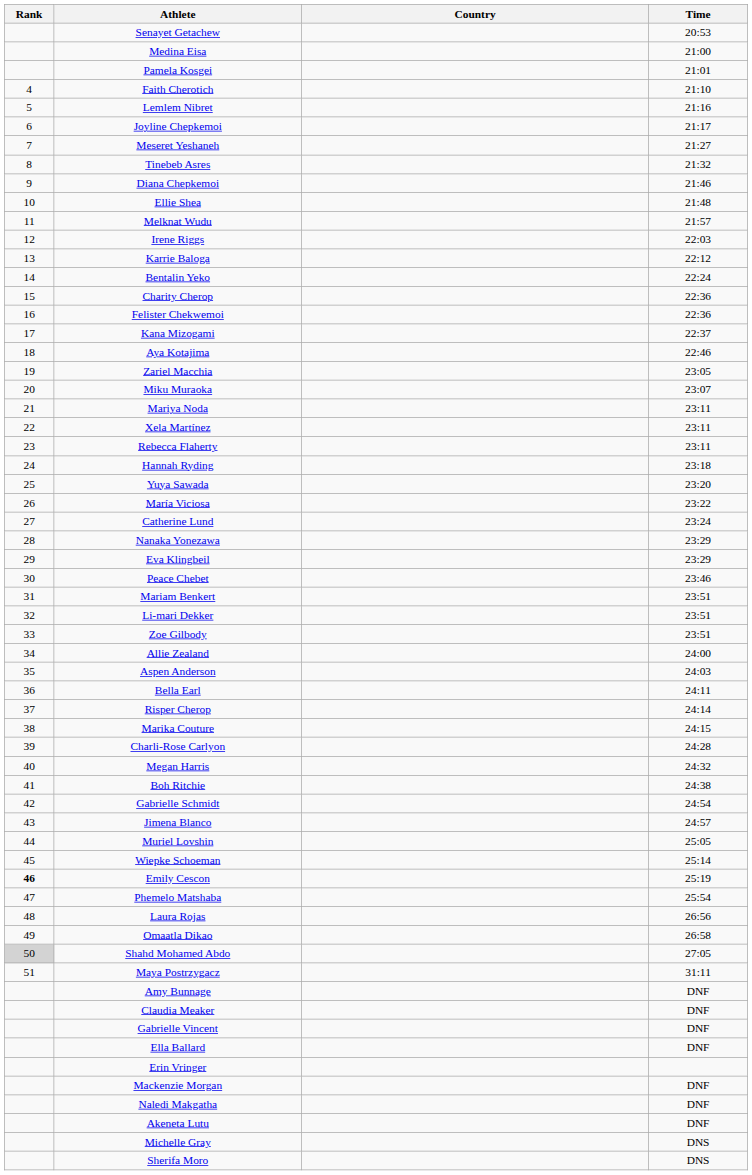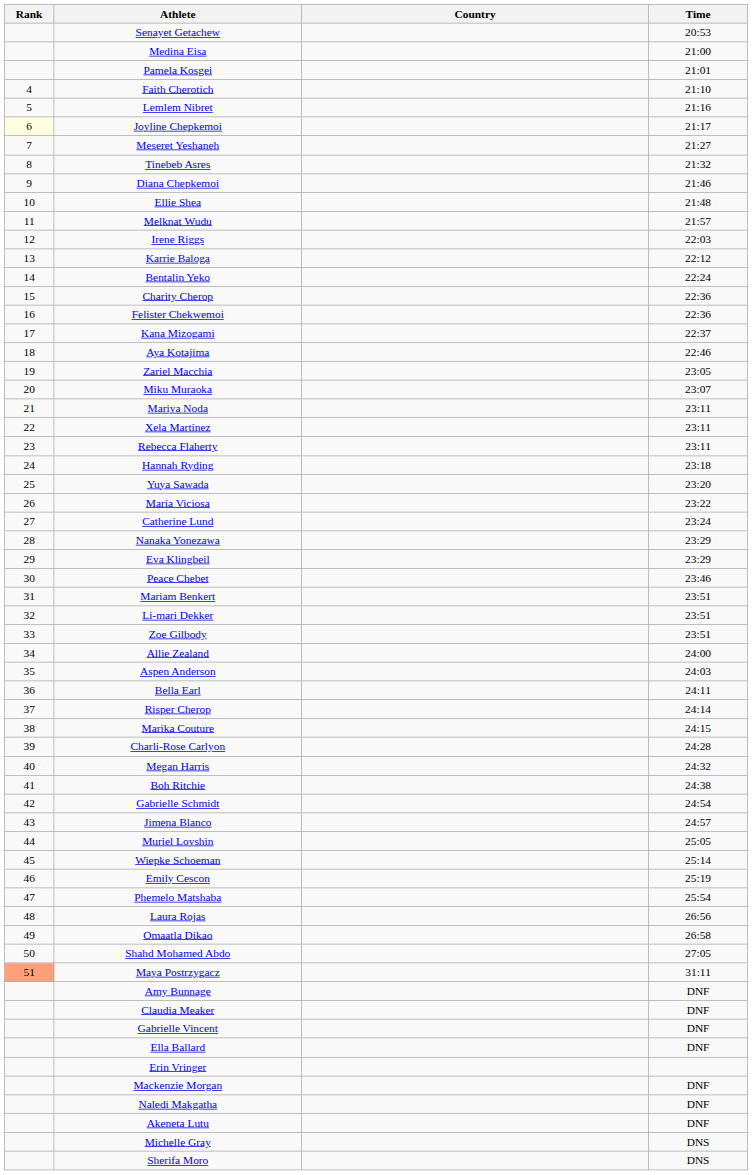 <table class="wikitable sortable" style=" text-align:center; font-size:95%;" width="50%">
 <tr>
 <th width="5%">Rank</th>
 <th width="25%">Athlete</th>
 <th width="35%">Country</th>
 <th width="10%">Time</th>
 </tr>
 <tr>
 <td align=center></td>
 <td><a href='#'>Senayet Getachew</a></td>
 <td></td>
 <td>20:53</td>
 </tr>
 <tr>
 <td align=center></td>
 <td><a href='#'>Medina Eisa</a></td>
 <td></td>
 <td>21:00</td>
 </tr>
 <tr>
 <td align=center></td>
 <td><a href='#'>Pamela Kosgei</a></td>
 <td></td>
 <td>21:01</td>
 </tr>
 <tr>
 <td>4</td>
 <td><a href='#'>Faith Cherotich</a></td>
 <td></td>
 <td>21:10</td>
 </tr>
 <tr>
 <td>5</td>
 <td><a href='#'>Lemlem Nibret</a></td>
 <td></td>
 <td>21:16</td>
 </tr>
 <tr>
-<td>6</td>
+<td style="background: lightyellow;">6</td>
 <td><a href='#'>Joyline Chepkemoi</a></td>
 <td></td>
 <td>21:17</td>
 </tr>
 <tr>
 <td>7</td>
 <td><a href='#'>Meseret Yeshaneh</a></td>
 <td></td>
 <td>21:27</td>
 </tr>
 <tr>
 <td>8</td>
 <td><a href='#'>Tinebeb Asres</a></td>
 <td></td>
 <td>21:32</td>
 </tr>
 <tr>
 <td>9</td>
 <td><a href='#'>Diana Chepkemoi</a></td>
 <td></td>
 <td>21:46</td>
 </tr>
 <tr>
 <td>10</td>
 <td><a href='#'>Ellie Shea</a></td>
 <td></td>
 <td>21:48</td>
 </tr>
 <tr>
 <td>11</td>
 <td><a href='#'>Melknat Wudu</a></td>
 <td></td>
 <td>21:57</td>
 </tr>
 <tr>
 <td>12</td>
 <td><a href='#'>Irene Riggs</a></td>
 <td></td>
 <td>22:03</td>
 </tr>
 <tr>
 <td>13</td>
 <td><a href='#'>Karrie Baloga</a></td>
 <td></td>
 <td>22:12</td>
 </tr>
 <tr>
 <td>14</td>
 <td><a href='#'>Bentalin Yeko</a></td>
 <td></td>
 <td>22:24</td>
 </tr>
 <tr>
 <td>15</td>
 <td><a href='#'>Charity Cherop</a></td>
 <td></td>
 <td>22:36</td>
 </tr>
 <tr>
 <td>16</td>
 <td><a href='#'>Felister Chekwemoi</a></td>
 <td></td>
 <td>22:36</td>
 </tr>
 <tr>
 <td>17</td>
 <td><a href='#'>Kana Mizogami</a></td>
 <td></td>
 <td>22:37</td>
 </tr>
 <tr>
 <td>18</td>
 <td><a href='#'>Aya Kotajima</a></td>
 <td></td>
 <td>22:46</td>
 </tr>
 <tr>
 <td>19</td>
 <td><a href='#'>Zariel Macchia</a></td>
 <td></td>
 <td>23:05</td>
 </tr>
 <tr>
 <td>20</td>
 <td><a href='#'>Miku Muraoka</a></td>
 <td></td>
 <td>23:07</td>
 </tr>
 <tr>
 <td>21</td>
 <td><a href='#'>Mariya Noda</a></td>
 <td></td>
 <td>23:11</td>
 </tr>
 <tr>
 <td>22</td>
 <td><a href='#'>Xela Martínez</a></td>
 <td></td>
 <td>23:11</td>
 </tr>
 <tr>
 <td>23</td>
 <td><a href='#'>Rebecca Flaherty</a></td>
 <td></td>
 <td>23:11</td>
 </tr>
 <tr>
 <td>24</td>
 <td><a href='#'>Hannah Ryding</a></td>
 <td></td>
 <td>23:18</td>
 </tr>
 <tr>
 <td>25</td>
 <td><a href='#'>Yuya Sawada</a></td>
 <td></td>
 <td>23:20</td>
 </tr>
 <tr>
 <td>26</td>
 <td><a href='#'>María Viciosa</a></td>
 <td></td>
 <td>23:22</td>
 </tr>
 <tr>
 <td>27</td>
 <td><a href='#'>Catherine Lund</a></td>
 <td></td>
 <td>23:24</td>
 </tr>
 <tr>
 <td>28</td>
 <td><a href='#'>Nanaka Yonezawa</a></td>
 <td></td>
 <td>23:29</td>
 </tr>
 <tr>
 <td>29</td>
 <td><a href='#'>Eva Klingbeil</a></td>
 <td></td>
 <td>23:29</td>
 </tr>
 <tr>
 <td>30</td>
 <td><a href='#'>Peace Chebet</a></td>
 <td></td>
 <td>23:46</td>
 </tr>
 <tr>
 <td>31</td>
 <td><a href='#'>Mariam Benkert</a></td>
 <td></td>
 <td>23:51</td>
 </tr>
 <tr>
 <td>32</td>
 <td><a href='#'>Li-mari Dekker</a></td>
 <td></td>
 <td>23:51</td>
 </tr>
 <tr>
 <td>33</td>
 <td><a href='#'>Zoe Gilbody</a></td>
 <td></td>
 <td>23:51</td>
 </tr>
 <tr>
 <td>34</td>
 <td><a href='#'>Allie Zealand</a></td>
 <td></td>
 <td>24:00</td>
 </tr>
 <tr>
 <td>35</td>
 <td><a href='#'>Aspen Anderson</a></td>
 <td></td>
 <td>24:03</td>
 </tr>
 <tr>
 <td>36</td>
 <td><a href='#'>Bella Earl</a></td>
 <td></td>
 <td>24:11</td>
 </tr>
 <tr>
 <td>37</td>
 <td><a href='#'>Risper Cherop</a></td>
 <td></td>
 <td>24:14</td>
 </tr>
 <tr>
 <td>38</td>
 <td><a href='#'>Marika Couture</a></td>
 <td></td>
 <td>24:15</td>
 </tr>
 <tr>
 <td>39</td>
 <td><a href='#'>Charli-Rose Carlyon</a></td>
 <td></td>
 <td>24:28</td>
 </tr>
 <tr>
 <td>40</td>
 <td><a href='#'>Megan Harris</a></td>
 <td></td>
 <td>24:32</td>
 </tr>
 <tr>
 <td>41</td>
 <td><a href='#'>Boh Ritchie</a></td>
 <td></td>
 <td>24:38</td>
 </tr>
 <tr>
 <td>42</td>
 <td><a href='#'>Gabrielle Schmidt</a></td>
 <td></td>
 <td>24:54</td>
 </tr>
 <tr>
 <td>43</td>
 <td><a href='#'>Jimena Blanco</a></td>
 <td></td>
 <td>24:57</td>
 </tr>
 <tr>
 <td>44</td>
 <td><a href='#'>Muriel Lovshin</a></td>
 <td></td>
 <td>25:05</td>
 </tr>
 <tr>
 <td>45</td>
 <td><a href='#'>Wiepke Schoeman</a></td>
 <td></td>
 <td>25:14</td>
 </tr>
 <tr>
-<td><strong>46</strong></td>
+<td>46</td>
 <td><a href='#'>Emily Cescon</a></td>
 <td></td>
 <td>25:19</td>
 </tr>
 <tr>
 <td>47</td>
 <td><a href='#'>Phemelo Matshaba</a></td>
 <td></td>
 <td>25:54</td>
 </tr>
 <tr>
 <td>48</td>
 <td><a href='#'>Laura Rojas</a></td>
 <td></td>
 <td>26:56</td>
 </tr>
 <tr>
 <td>49</td>
 <td><a href='#'>Omaatla Dikao</a></td>
 <td></td>
 <td>26:58</td>
 </tr>
 <tr>
-<td style="background: lightgrey;">50</td>
+<td>50</td>
 <td><a href='#'>Shahd Mohamed Abdo</a></td>
 <td></td>
 <td>27:05</td>
 </tr>
 <tr>
-<td>51</td>
+<td style="background: lightsalmon;">51</td>
 <td><a href='#'>Maya Postrzygacz</a></td>
 <td></td>
 <td>31:11</td>
 </tr>
 <tr>
 <td></td>
 <td><a href='#'>Amy Bunnage</a></td>
 <td></td>
 <td>DNF</td>
 </tr>
 <tr>
 <td></td>
 <td><a href='#'>Claudia Meaker</a></td>
 <td></td>
 <td>DNF</td>
 </tr>
 <tr>
 <td></td>
 <td><a href='#'>Gabrielle Vincent</a></td>
 <td></td>
 <td>DNF</td>
 </tr>
 <tr>
 <td></td>
 <td><a href='#'>Ella Ballard</a></td>
 <td></td>
 <td>DNF</td>
 </tr>
 <tr>
 <td></td>
 <td><a href='#'>Erin Vringer</a></td>
 <td></td>
 </tr>
 <tr>
 <td></td>
 <td><a href='#'>Mackenzie Morgan</a></td>
 <td></td>
 <td>DNF</td>
 </tr>
 <tr>
 <td></td>
 <td><a href='#'>Naledi Makgatha</a></td>
 <td></td>
 <td>DNF</td>
 </tr>
 <tr>
 <td></td>
 <td><a href='#'>Akeneta Lutu</a></td>
 <td></td>
 <td>DNF</td>
 </tr>
 <tr>
 <td></td>
 <td><a href='#'>Michelle Gray</a></td>
 <td></td>
 <td>DNS</td>
 </tr>
 <tr>
 <td></td>
 <td><a href='#'>Sherifa Moro</a></td>
 <td></td>
 <td>DNS</td>
 </tr>
 </table>
